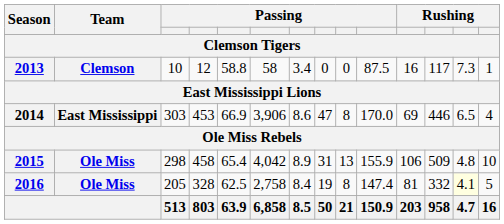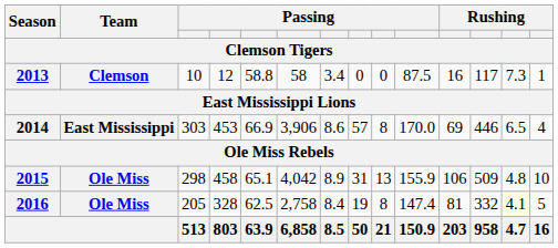 <table class="wikitable" style="text-align:center;">
 <tr>
 <th rowspan="2">Season</th>
 <th rowspan="2">Team</th>
 <th colspan="8">Passing</th>
 <th colspan="4">Rushing</th>
 </tr>
 <tr>
 <th></th>
 <th></th>
 <th></th>
 <th></th>
 <th></th>
 <th></th>
 <th></th>
 <th></th>
 <th></th>
 <th></th>
 <th></th>
 <th></th>
 </tr>
 <tr>
 <th colspan="16">Clemson Tigers</th>
 </tr>
 <tr>
 <th><a href='#'>2013</a></th>
 <th><a href='#'>Clemson</a></th>
 <td>10</td>
 <td>12</td>
 <td>58.8</td>
 <td>58</td>
 <td>3.4</td>
 <td>0</td>
 <td>0</td>
 <td>87.5</td>
 <td>16</td>
 <td>117</td>
 <td>7.3</td>
 <td>1</td>
 </tr>
 <tr>
 <th colspan="16">East Mississippi Lions</th>
 </tr>
 <tr>
 <th>2014</th>
 <th>East Mississippi</th>
 <td>303</td>
 <td>453</td>
 <td>66.9</td>
 <td>3,906</td>
 <td>8.6</td>
-<td>47</td>
+<td>57</td>
 <td>8</td>
 <td>170.0</td>
 <td>69</td>
 <td>446</td>
 <td>6.5</td>
 <td>4</td>
 </tr>
 <tr>
 <th colspan="16">Ole Miss Rebels</th>
 </tr>
 <tr>
 <th><a href='#'>2015</a></th>
 <th><a href='#'>Ole Miss</a></th>
 <td>298</td>
 <td>458</td>
-<td>65.4</td>
+<td>65.1</td>
 <td>4,042</td>
 <td>8.9</td>
 <td>31</td>
 <td>13</td>
 <td>155.9</td>
 <td>106</td>
 <td>509</td>
 <td>4.8</td>
 <td>10</td>
 </tr>
 <tr>
 <th><a href='#'>2016</a></th>
 <th><a href='#'>Ole Miss</a></th>
 <td>205</td>
 <td>328</td>
 <td>62.5</td>
 <td>2,758</td>
 <td>8.4</td>
 <td>19</td>
 <td>8</td>
 <td>147.4</td>
 <td>81</td>
 <td>332</td>
 <td style="background: lightyellow;">4.1</td>
 <td>5</td>
 </tr>
 <tr>
 <th colspan="2"></th>
 <th>513</th>
 <th>803</th>
 <th>63.9</th>
 <th>6,858</th>
 <th>8.5</th>
 <th>50</th>
 <th>21</th>
 <th>150.9</th>
 <th>203</th>
 <th>958</th>
 <th>4.7</th>
 <th>16</th>
 </tr>
 </table>
